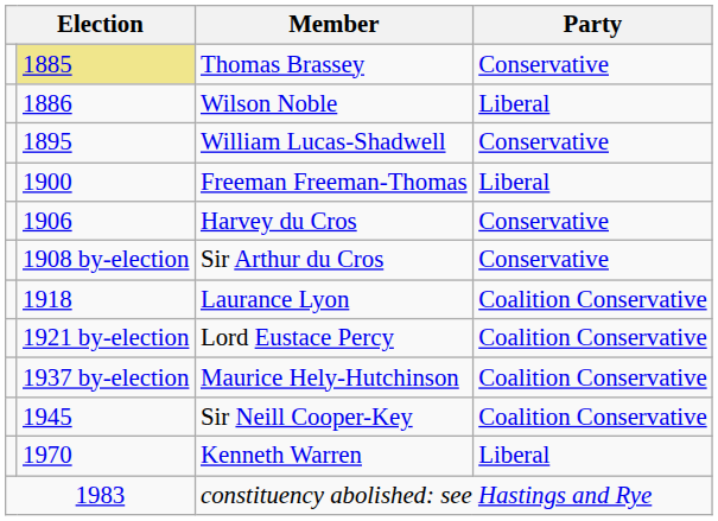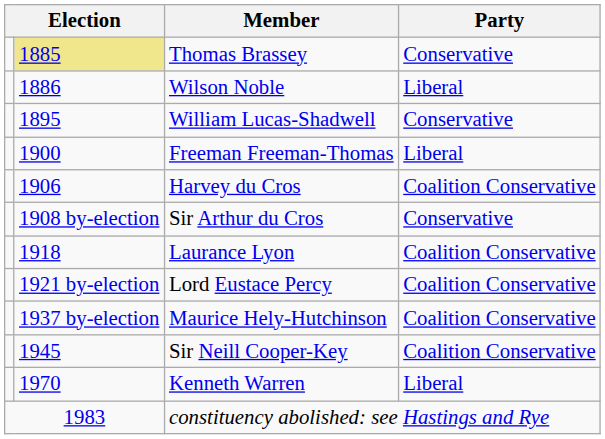 <table class="wikitable">
 <tr>
 <th colspan="2">Election</th>
 <th>Member</th>
 <th>Party</th>
 </tr>
 <tr>
 <td style="color:inherit;background-color: "></td>
 <td style="background: khaki;"><a href='#'>1885</a></td>
 <td><a href='#'>Thomas Brassey</a></td>
 <td><a href='#'>Conservative</a></td>
 </tr>
 <tr>
 <td style="color:inherit;background-color: "></td>
 <td><a href='#'>1886</a></td>
 <td><a href='#'>Wilson Noble</a></td>
 <td><a href='#'>Liberal</a></td>
 </tr>
 <tr>
 <td style="color:inherit;background-color: "></td>
 <td><a href='#'>1895</a></td>
 <td><a href='#'>William Lucas-Shadwell</a></td>
 <td><a href='#'>Conservative</a></td>
 </tr>
 <tr>
 <td style="color:inherit;background-color: "></td>
 <td><a href='#'>1900</a></td>
 <td><a href='#'>Freeman Freeman-Thomas</a></td>
 <td><a href='#'>Liberal</a></td>
 </tr>
 <tr>
 <td style="color:inherit;background-color: "></td>
 <td><a href='#'>1906</a></td>
 <td><a href='#'>Harvey du Cros</a></td>
-<td><a href='#'>Conservative</a></td>
+<td><a href='#'>Coalition Conservative</a></td>
 </tr>
 <tr>
 <td style="color:inherit;background-color: "></td>
 <td><a href='#'>1908 by-election</a></td>
 <td>Sir <a href='#'>Arthur du Cros</a></td>
 <td><a href='#'>Conservative</a></td>
 </tr>
 <tr>
 <td style="color:inherit;background-color: "></td>
 <td><a href='#'>1918</a></td>
 <td><a href='#'>Laurance Lyon</a></td>
 <td><a href='#'>Coalition Conservative</a></td>
 </tr>
 <tr>
 <td style="color:inherit;background-color: "></td>
 <td><a href='#'>1921 by-election</a></td>
 <td>Lord <a href='#'>Eustace Percy</a></td>
 <td><a href='#'>Coalition Conservative</a></td>
 </tr>
 <tr>
 <td style="color:inherit;background-color: "></td>
 <td><a href='#'>1937 by-election</a></td>
 <td><a href='#'>Maurice Hely-Hutchinson</a></td>
 <td><a href='#'>Coalition Conservative</a></td>
 </tr>
 <tr>
 <td style="color:inherit;background-color: "></td>
 <td><a href='#'>1945</a></td>
 <td>Sir <a href='#'>Neill Cooper-Key</a></td>
 <td><a href='#'>Coalition Conservative</a></td>
 </tr>
 <tr>
 <td style="color:inherit;background-color: "></td>
 <td><a href='#'>1970</a></td>
 <td><a href='#'>Kenneth Warren</a></td>
 <td><a href='#'>Liberal</a></td>
 </tr>
 <tr>
 <td colspan="2" align="center"><a href='#'>1983</a></td>
 <td colspan="2"><em>constituency abolished: see <a href='#'>Hastings and Rye</a></em></td>
 </tr>
 </table>
